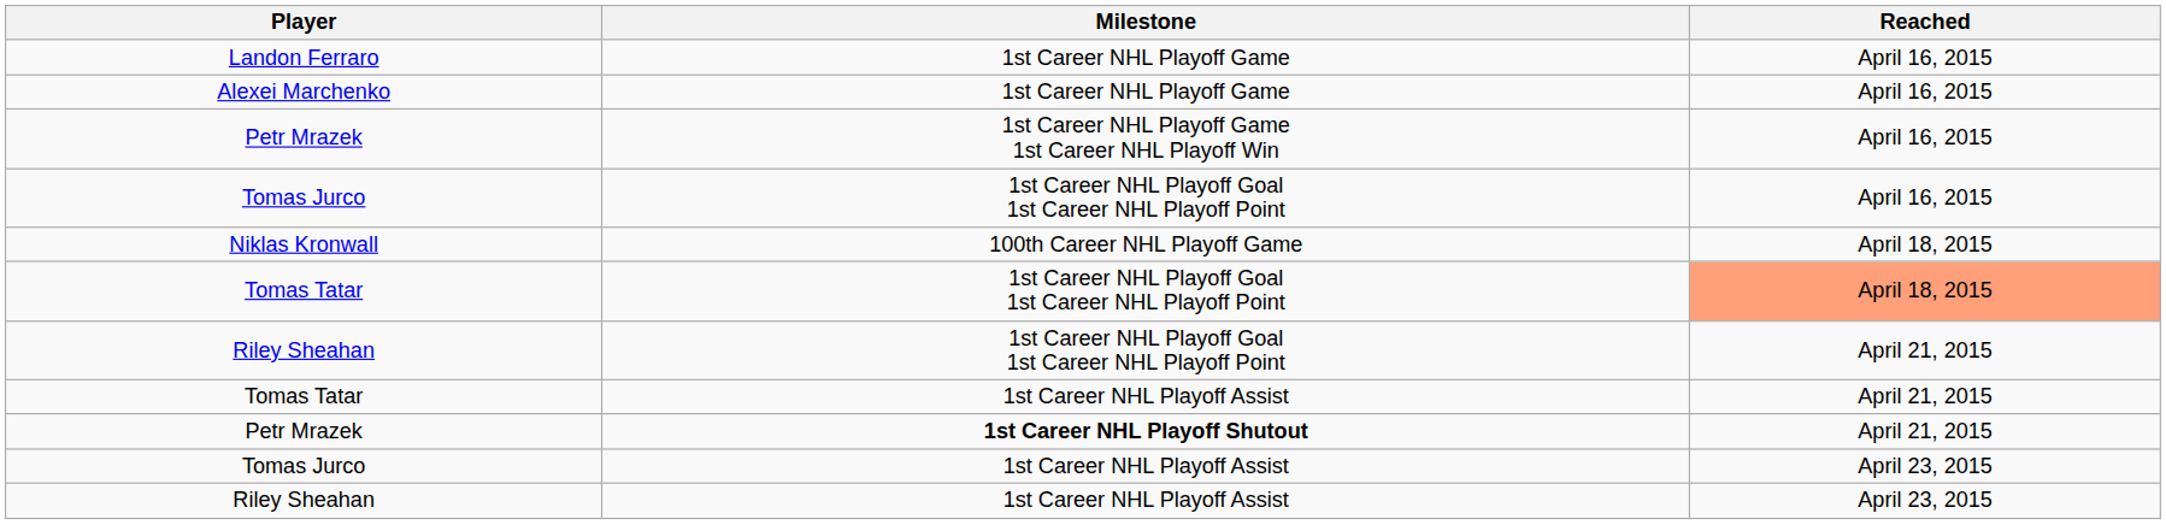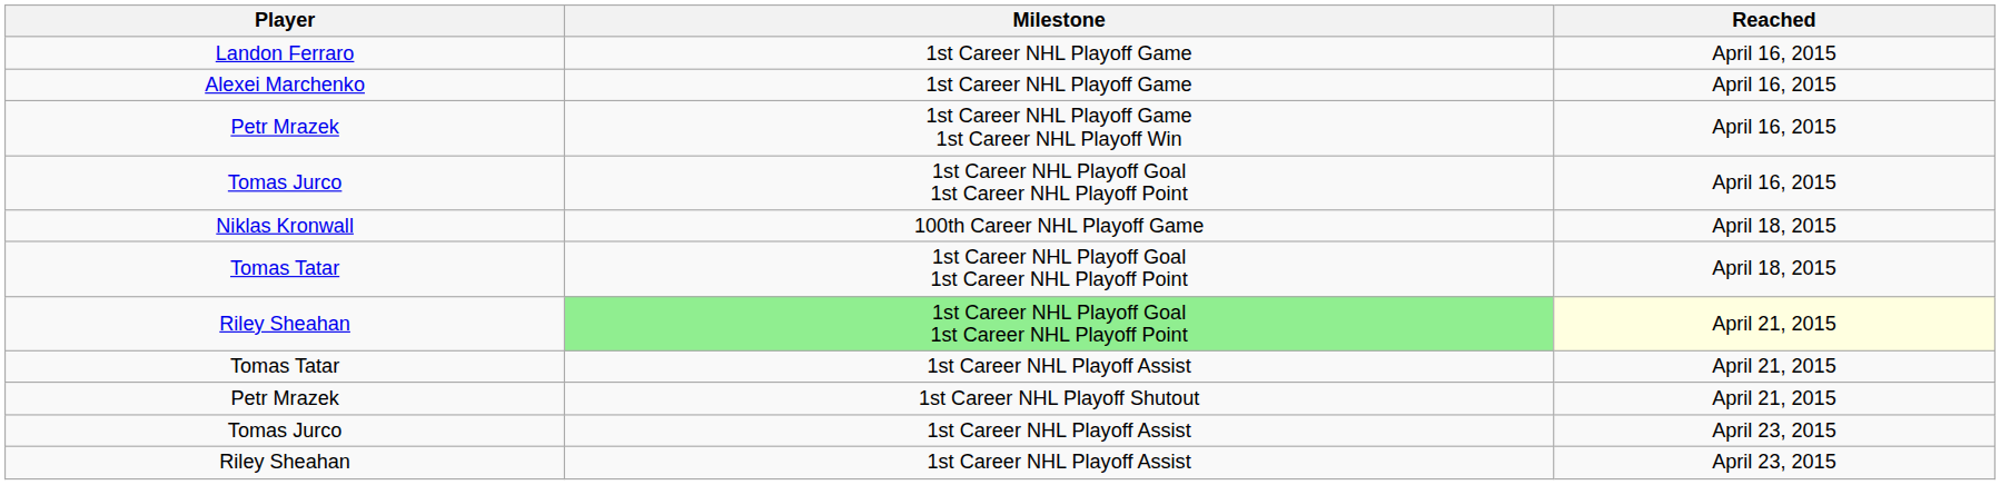 <table class="wikitable sortable" style="width:100%;">
 <tr align=center>
 <th>Player</th>
 <th>Milestone</th>
 <th data-sort-type="date">Reached</th>
 </tr>
 <tr align=center>
 <td><a href='#'>Landon Ferraro</a></td>
 <td>1st Career NHL Playoff Game</td>
 <td>April 16, 2015</td>
 </tr>
 <tr align=center>
 <td><a href='#'>Alexei Marchenko</a></td>
 <td>1st Career NHL Playoff Game</td>
 <td>April 16, 2015</td>
 </tr>
 <tr align=center>
 <td><a href='#'>Petr Mrazek</a></td>
 <td>1st Career NHL Playoff Game<br>1st Career NHL Playoff Win</td>
 <td>April 16, 2015</td>
 </tr>
 <tr align=center>
 <td><a href='#'>Tomas Jurco</a></td>
 <td>1st Career NHL Playoff Goal<br>1st Career NHL Playoff Point</td>
 <td>April 16, 2015</td>
 </tr>
 <tr align=center>
 <td><a href='#'>Niklas Kronwall</a></td>
 <td>100th Career NHL Playoff Game</td>
 <td>April 18, 2015</td>
 </tr>
 <tr align=center>
 <td><a href='#'>Tomas Tatar</a></td>
 <td>1st Career NHL Playoff Goal<br>1st Career NHL Playoff Point</td>
-<td style="background: lightsalmon;">April 18, 2015</td>
+<td>April 18, 2015</td>
 </tr>
 <tr align=center>
 <td><a href='#'>Riley Sheahan</a></td>
-<td>1st Career NHL Playoff Goal<br>1st Career NHL Playoff Point</td>
-<td>April 21, 2015</td>
+<td style="background: lightgreen;">1st Career NHL Playoff Goal<br>1st Career NHL Playoff Point</td>
+<td style="background: lightyellow;">April 21, 2015</td>
 </tr>
 <tr align=center>
 <td>Tomas Tatar</td>
 <td>1st Career NHL Playoff Assist</td>
 <td>April 21, 2015</td>
 </tr>
 <tr align=center>
 <td>Petr Mrazek</td>
-<td><strong>1st Career NHL Playoff Shutout</strong></td>
+<td>1st Career NHL Playoff Shutout</td>
 <td>April 21, 2015</td>
 </tr>
 <tr align=center>
 <td>Tomas Jurco</td>
 <td>1st Career NHL Playoff Assist</td>
 <td>April 23, 2015</td>
 </tr>
 <tr align=center>
 <td>Riley Sheahan</td>
 <td>1st Career NHL Playoff Assist</td>
 <td>April 23, 2015</td>
 </tr>
 </table>
